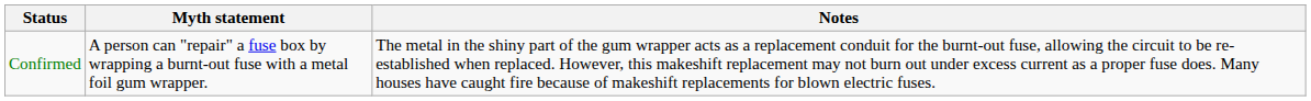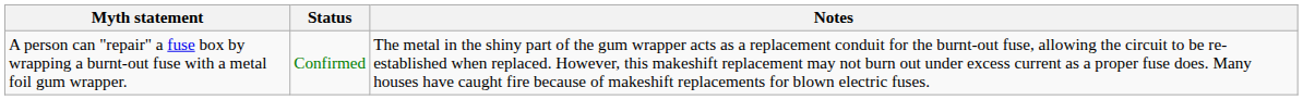 <table class="wikitable plainrowheaders">
 <tr>
+<th>Myth statement</th>
 <th>Status</th>
-<th>Myth statement</th>
 <th>Notes</th>
 </tr>
 <tr>
+<td>A person can "repair" a <a href='#'>fuse</a> box by wrapping a burnt-out fuse with a metal foil gum wrapper.</td>
 <td style="color:Green">Confirmed</td>
-<td>A person can "repair" a <a href='#'>fuse</a> box by wrapping a burnt-out fuse with a metal foil gum wrapper.</td>
 <td>The metal in the shiny part of the gum wrapper acts as a replacement conduit for the burnt-out fuse, allowing the circuit to be re-established when replaced. However, this makeshift replacement may not burn out under excess current as a proper fuse does. Many houses have caught fire because of makeshift replacements for blown electric fuses.</td>
 </tr>
 </table>
